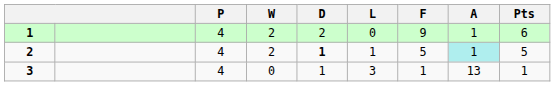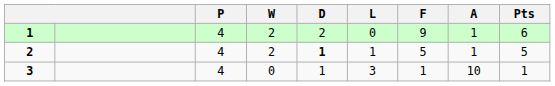 <table class="wikitable">
 <tr>
 <th colspan="2"></th>
 <th rowspan="1">P</th>
 <th rowspan="1">W</th>
 <th colspan="1">D</th>
 <th colspan="1">L</th>
 <th colspan="1">F</th>
 <th colspan="1">A</th>
 <th colspan="1">Pts</th>
 </tr>
 <tr style="background:#ccffcc;">
 <td style="text-align:center" width="50"><strong>1</strong></td>
 <td width="150"><strong></strong></td>
 <td style="text-align:center" width="50">4</td>
 <td style="text-align:center" width="50">2</td>
 <td style="text-align:center" width="50">2</td>
 <td style="text-align:center" width="50">0</td>
 <td style="text-align:center" width="50">9</td>
 <td style="text-align:center" width="50">1</td>
 <td style="text-align:center" width="50">6</td>
 </tr>
 <tr>
 <td style="text-align:center"><strong>2</strong></td>
 <td></td>
 <td style="text-align:center">4</td>
 <td style="text-align:center">2</td>
 <td style="text-align:center"><strong>1</strong></td>
 <td style="text-align:center">1</td>
 <td style="text-align:center">5</td>
-<td style="background: paleturquoise; text-align:center">1</td>
+<td style="text-align:center">1</td>
 <td style="text-align:center">5</td>
 </tr>
 <tr>
 <td style="text-align:center"><strong>3</strong></td>
 <td></td>
 <td style="text-align:center">4</td>
 <td style="text-align:center">0</td>
 <td style="text-align:center">1</td>
 <td style="text-align:center">3</td>
 <td style="text-align:center">1</td>
-<td style="text-align:center">13</td>
+<td style="text-align:center">10</td>
 <td style="text-align:center">1</td>
 </tr>
 </table>
